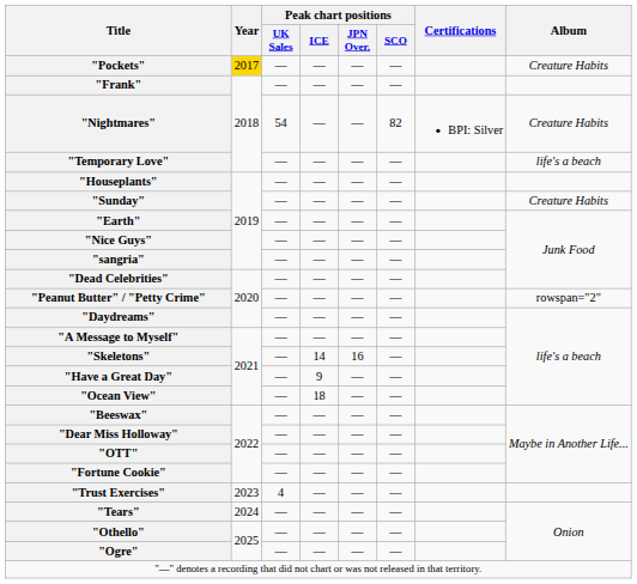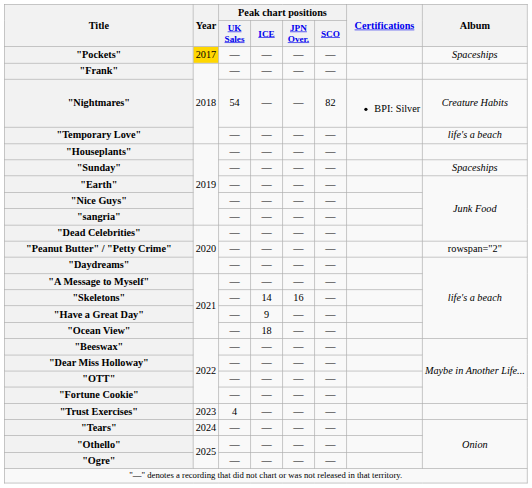 <table class="wikitable plainrowheaders" style="text-align:center;">
 <tr>
 <th scope="col" rowspan="2" style="width:18em;">Title</th>
 <th scope="col" rowspan="2">Year</th>
 <th scope="col" colspan="4">Peak chart positions</th>
 <th scope="col" rowspan="2"><a href='#'>Certifications</a></th>
 <th scope="col" rowspan="2">Album</th>
 </tr>
 <tr>
 <th scope="col" style="width:3em;font-size:90%;"><a href='#'>UK<br>Sales</a><br></th>
 <th scope="col" style="width:3em;font-size:90%;"><a href='#'>ICE</a><br></th>
 <th scope="col" style="width:3em;font-size:90%;"><a href='#'>JPN<br>Over.</a><br></th>
 <th scope="col" style="width:3em;font-size:90%;"><a href='#'>SCO</a><br></th>
 </tr>
 <tr>
 <th scope="row">"Pockets"</th>
 <td style="background: gold;">2017</td>
 <td>—</td>
 <td>—</td>
 <td>—</td>
 <td>—</td>
 <td></td>
-<td><em>Creature Habits</em></td>
+<td><em>Spaceships</em></td>
 </tr>
 <tr>
 <th scope="row">"Frank"</th>
 <td rowspan="3">2018</td>
 <td>—</td>
 <td>—</td>
 <td>—</td>
 <td>—</td>
 <td></td>
 <td></td>
 </tr>
 <tr>
 <th scope="row">"Nightmares"</th>
 <td>54</td>
 <td>—</td>
 <td>—</td>
 <td>82</td>
 <td><br><ul><li>BPI: Silver</li></ul></td>
 <td><em>Creature Habits</em></td>
 </tr>
 <tr>
 <th scope="row">"Temporary Love"</th>
 <td>—</td>
 <td>—</td>
 <td>—</td>
 <td>—</td>
 <td></td>
 <td><em>life's a beach</em></td>
 </tr>
 <tr>
 <th scope="row">"Houseplants"</th>
 <td rowspan="5">2019</td>
 <td>—</td>
 <td>—</td>
 <td>—</td>
 <td>—</td>
 <td></td>
 </tr>
 <tr>
 <th scope="row">"Sunday"</th>
 <td>—</td>
 <td>—</td>
 <td>—</td>
 <td>—</td>
 <td></td>
-<td><em>Creature Habits</em></td>
+<td><em>Spaceships</em></td>
 </tr>
 <tr>
 <th scope="row">"Earth"</th>
 <td>—</td>
 <td>—</td>
 <td>—</td>
 <td>—</td>
 <td></td>
 <td rowspan="4"><em>Junk Food</em></td>
 </tr>
 <tr>
 <th scope="row">"Nice Guys"</th>
 <td>—</td>
 <td>—</td>
 <td>—</td>
 <td>—</td>
 <td></td>
 </tr>
 <tr>
 <th scope="row">"sangria"<br></th>
 <td>—</td>
 <td>—</td>
 <td>—</td>
 <td>—</td>
 <td></td>
 </tr>
 <tr>
 <th scope="row">"Dead Celebrities"</th>
 <td rowspan="3">2020</td>
 <td>—</td>
 <td>—</td>
 <td>—</td>
 <td>—</td>
 <td></td>
 </tr>
 <tr>
 <th scope="row">"Peanut Butter" / "Petty Crime"</th>
 <td>—</td>
 <td>—</td>
 <td>—</td>
 <td>—</td>
 <td></td>
 <td>rowspan="2" </td>
 </tr>
 <tr>
 <th scope="row">"Daydreams"</th>
 <td>—</td>
 <td>—</td>
 <td>—</td>
 <td>—</td>
 <td></td>
 <td rowspan="5"><em>life's a beach</em></td>
 </tr>
 <tr>
 <th scope="row">"A Message to Myself"</th>
 <td rowspan="4">2021</td>
 <td>—</td>
 <td>—</td>
 <td>—</td>
 <td>—</td>
 <td></td>
 </tr>
 <tr>
 <th scope="row">"Skeletons"</th>
 <td>—</td>
 <td>14</td>
 <td>16</td>
 <td>—</td>
 <td></td>
 </tr>
 <tr>
 <th scope="row">"Have a Great Day"</th>
 <td>—</td>
 <td>9</td>
 <td>—</td>
 <td>—</td>
 <td></td>
 </tr>
 <tr>
 <th scope="row">"Ocean View"</th>
 <td>—</td>
 <td>18</td>
 <td>—</td>
 <td>—</td>
 </tr>
 <tr>
 <th scope="row">"Beeswax"</th>
 <td rowspan="4">2022</td>
 <td>—</td>
 <td>—</td>
 <td>—</td>
 <td>—</td>
 <td></td>
 <td rowspan="4"><em>Maybe in Another Life...</em></td>
 </tr>
 <tr>
 <th scope="row">"Dear Miss Holloway"<br></th>
 <td>—</td>
 <td>—</td>
 <td>—</td>
 <td>—</td>
 <td></td>
 </tr>
 <tr>
 <th scope="row">"OTT"<br></th>
 <td>—</td>
 <td>—</td>
 <td>—</td>
 <td>—</td>
 </tr>
 <tr>
 <th scope="row">"Fortune Cookie"</th>
 <td>—</td>
 <td>—</td>
 <td>—</td>
 <td>—</td>
 <td></td>
 </tr>
 <tr>
 <th scope="row">"Trust Exercises"</th>
 <td>2023</td>
 <td>4</td>
 <td>—</td>
 <td>—</td>
 <td>—</td>
 <td></td>
 <td></td>
 </tr>
 <tr>
 <th scope="row">"Tears"</th>
 <td>2024</td>
 <td>—</td>
 <td>—</td>
 <td>—</td>
 <td>—</td>
 <td></td>
 <td rowspan="3"><em>Onion</em></td>
 </tr>
 <tr>
 <th scope="row">"Othello"</th>
 <td rowspan="2">2025</td>
 <td>—</td>
 <td>—</td>
 <td>—</td>
 <td>—</td>
 <td></td>
 </tr>
 <tr>
 <th scope="row">"Ogre"</th>
 <td>—</td>
 <td>—</td>
 <td>—</td>
 <td>—</td>
 <td></td>
 </tr>
 <tr>
 <td colspan="10" style="font-size:85%">"—" denotes a recording that did not chart or was not released in that territory.</td>
 </tr>
 </table>
